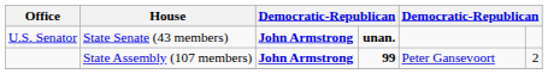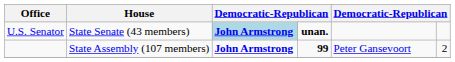 <table class=wikitable>
 <tr bgcolor=lightgrey>
 <th>Office</th>
 <th>House</th>
 <th colspan="2"><a href='#'>Democratic-Republican</a></th>
 <th colspan="2"><a href='#'>Democratic-Republican</a></th>
 </tr>
 <tr>
 <td><a href='#'>U.S. Senator</a></td>
 <td><a href='#'>State Senate</a> (43 members)</td>
-<td><strong><a href='#'>John Armstrong</a></strong></td>
+<td style="background: lightblue;"><strong><a href='#'>John Armstrong</a></strong></td>
 <td align="right"><strong>unan.</strong></td>
 <td></td>
 <td></td>
 </tr>
 <tr>
 <td></td>
 <td><a href='#'>State Assembly</a> (107 members)</td>
 <td><strong><a href='#'>John Armstrong</a></strong></td>
 <td align="right"><strong>99</strong></td>
 <td><a href='#'>Peter Gansevoort</a></td>
 <td align="right">2</td>
 </tr>
 <tr>
 </tr>
 </table>
